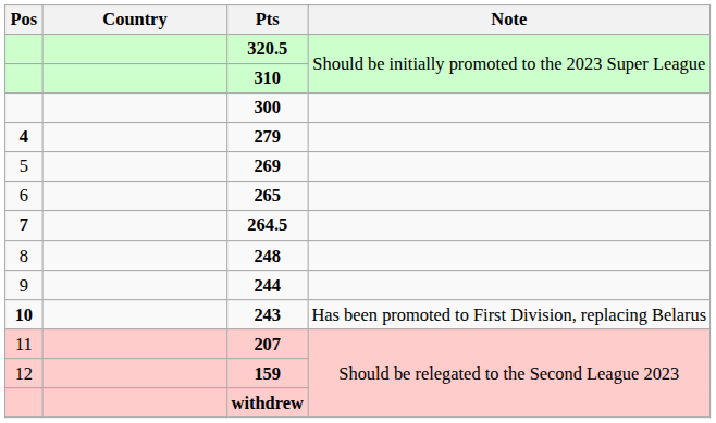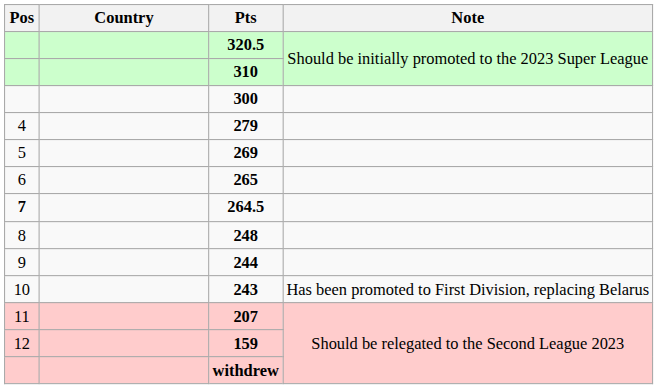 <table class="wikitable" style="text-align: center; font-size:95%">
 <tr>
 <th width="25">Pos</th>
 <th width="150">Country</th>
 <th width="25">Pts</th>
 <th>Note</th>
 </tr>
 <tr bgcolor=ccffcc>
 <td></td>
 <td align="left"><strong></strong></td>
 <td><strong>320.5</strong></td>
 <td rowspan=2>Should be initially promoted to the 2023 Super League</td>
 </tr>
 <tr bgcolor=ccffcc>
 <td></td>
 <td align="left"><strong></strong></td>
 <td><strong>310</strong></td>
 </tr>
 <tr>
 <td></td>
 <td align="left"><strong></strong></td>
 <td><strong>300</strong></td>
 <td></td>
 </tr>
 <tr>
-<td><strong>4</strong></td>
+<td>4</td>
 <td align="left"><strong></strong></td>
 <td><strong>279</strong></td>
 <td></td>
 </tr>
 <tr>
 <td>5</td>
 <td align="left"><strong></strong></td>
 <td><strong>269</strong></td>
 <td></td>
 </tr>
 <tr>
 <td>6</td>
 <td align="left"><strong></strong></td>
 <td><strong>265</strong></td>
 <td></td>
 </tr>
 <tr>
 <td><strong>7</strong></td>
 <td align="left"><strong></strong></td>
 <td><strong>264.5</strong></td>
 <td></td>
 </tr>
 <tr>
 <td>8</td>
 <td align="left"><strong></strong></td>
 <td><strong>248</strong></td>
 <td></td>
 </tr>
 <tr>
 <td>9</td>
 <td align="left"><strong></strong></td>
 <td><strong>244</strong></td>
 <td></td>
 </tr>
 <tr>
-<td><strong>10</strong></td>
+<td>10</td>
 <td align="left"><strong></strong></td>
 <td><strong>243</strong></td>
 <td>Has been promoted to First Division, replacing Belarus</td>
 </tr>
 <tr bgcolor=ffcccc>
 <td>11</td>
 <td align="left"><strong></strong></td>
 <td><strong>207</strong></td>
 <td rowspan=3>Should be relegated to the Second League 2023</td>
 </tr>
 <tr bgcolor=ffcccc>
 <td>12</td>
 <td align="left"><strong></strong></td>
 <td><strong>159</strong></td>
 </tr>
 <tr bgcolor=ffcccc>
 <td></td>
 <td align="left"><strong></strong></td>
 <td><strong>withdrew</strong></td>
 </tr>
 </table>
